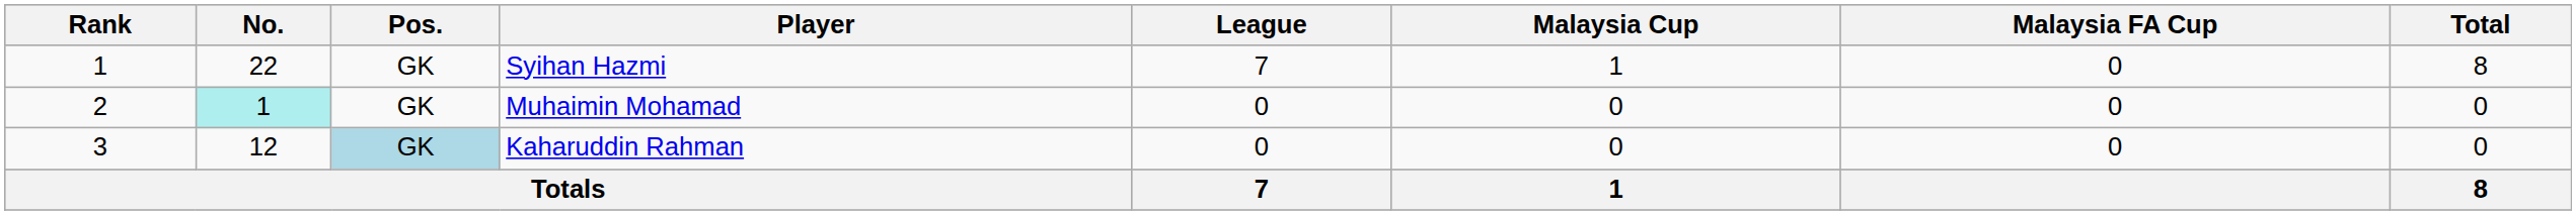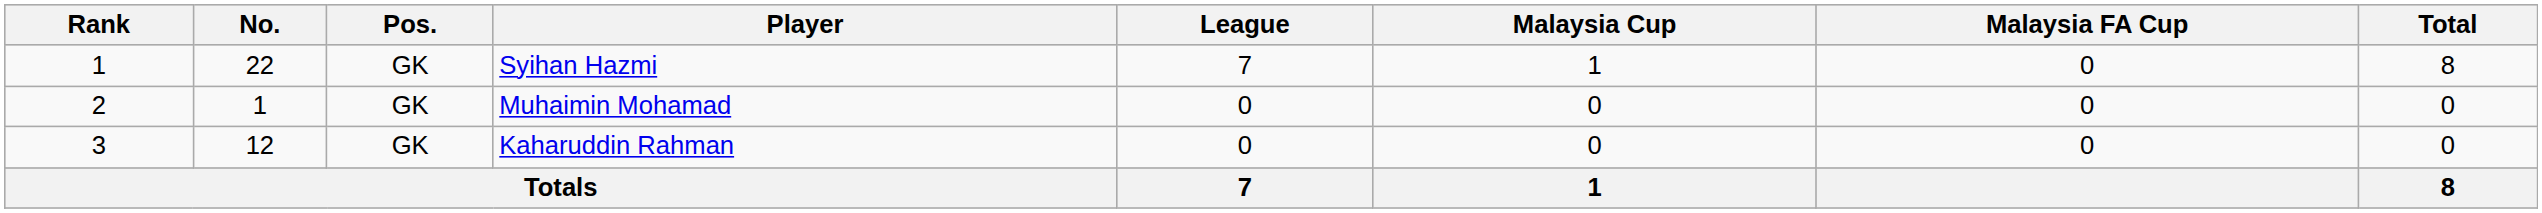 <table class="wikitable sortable" style="text-align:center;width:100%;">
 <tr>
 <th>Rank</th>
 <th>No.</th>
 <th>Pos.</th>
 <th>Player</th>
 <th>League</th>
 <th>Malaysia Cup</th>
 <th>Malaysia FA Cup</th>
 <th>Total</th>
 </tr>
 <tr>
 <td rowspan="1">1</td>
 <td>22</td>
 <td>GK</td>
 <td align="left"> <a href='#'>Syihan Hazmi</a></td>
 <td>7</td>
 <td>1</td>
 <td>0</td>
 <td>8</td>
 </tr>
 <tr>
 <td rowspan="1">2</td>
-<td style="background: paleturquoise;">1</td>
+<td>1</td>
 <td>GK</td>
 <td align="left"> <a href='#'>Muhaimin Mohamad</a></td>
 <td>0</td>
 <td>0</td>
 <td>0</td>
 <td>0</td>
 </tr>
 <tr>
 <td>3</td>
 <td>12</td>
-<td style="background: lightblue;">GK</td>
+<td>GK</td>
 <td align="left"><a href='#'>Kaharuddin Rahman</a></td>
 <td>0</td>
 <td>0</td>
 <td>0</td>
 <td>0</td>
 </tr>
 <tr>
 <th colspan="4"><strong>Totals</strong></th>
 <th>7</th>
 <th><strong>1</strong></th>
 <th></th>
 <th>8</th>
 </tr>
 </table>
